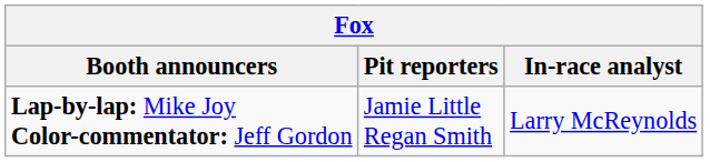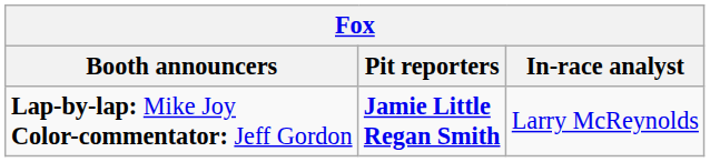 <table class="wikitable" style="font-size: 95%">
 <tr>
 <th colspan="3"><a href='#'>Fox</a></th>
 </tr>
 <tr>
 <th>Booth announcers</th>
 <th>Pit reporters</th>
 <th>In-race analyst</th>
 </tr>
 <tr>
 <td><strong>Lap-by-lap:</strong> <a href='#'>Mike Joy</a><br><strong>Color-commentator:</strong> <a href='#'>Jeff Gordon</a></td>
-<td><a href='#'>Jamie Little</a><br><a href='#'>Regan Smith</a></td>
+<td><strong><a href='#'>Jamie Little</a><br><a href='#'>Regan Smith</a></strong></td>
 <td><a href='#'>Larry McReynolds</a></td>
 </tr>
 </table>
